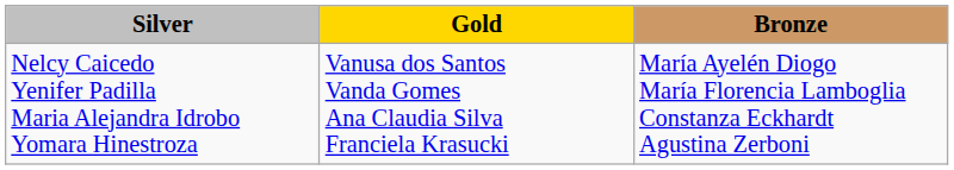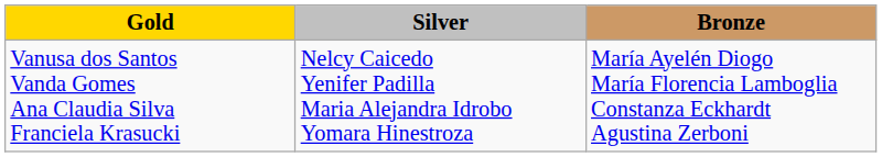 <table class="wikitable" style="text-align:left">
 <tr align="center">
+<td width=200 bgcolor=gold><strong>Gold</strong></td>
 <td width=200 bgcolor=silver><strong>Silver</strong></td>
-<td width=200 bgcolor=gold><strong>Gold</strong></td>
 <td width=200 bgcolor=CC9966><strong>Bronze</strong></td>
 </tr>
 <tr>
+<td><a href='#'>Vanusa dos Santos</a><br><a href='#'>Vanda Gomes</a><br><a href='#'>Ana Claudia Silva</a><br><a href='#'>Franciela Krasucki</a><br><em></em></td>
 <td><a href='#'>Nelcy Caicedo</a><br><a href='#'>Yenifer Padilla</a><br><a href='#'>Maria Alejandra Idrobo</a><br><a href='#'>Yomara Hinestroza</a><br><em></em></td>
-<td><a href='#'>Vanusa dos Santos</a><br><a href='#'>Vanda Gomes</a><br><a href='#'>Ana Claudia Silva</a><br><a href='#'>Franciela Krasucki</a><br><em></em></td>
 <td><a href='#'>María Ayelén Diogo</a><br><a href='#'>María Florencia Lamboglia</a><br><a href='#'>Constanza Eckhardt</a><br><a href='#'>Agustina Zerboni</a><br><em></em></td>
 </tr>
 </table>
